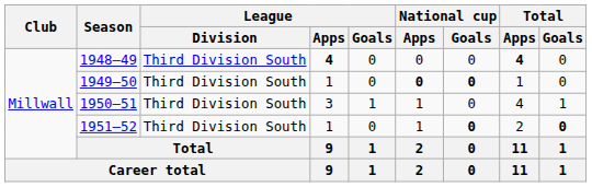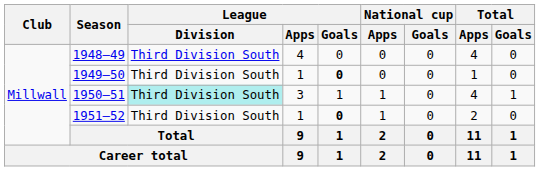 <table class="wikitable" style="text-align:center">
 <tr>
 <th rowspan="2">Club</th>
 <th rowspan="2">Season</th>
 <th colspan="3">League</th>
 <th colspan="2">National cup</th>
 <th colspan="2">Total</th>
 </tr>
 <tr>
 <th>Division</th>
 <th>Apps</th>
 <th>Goals</th>
 <th>Apps</th>
 <th>Goals</th>
 <th>Apps</th>
 <th>Goals</th>
 </tr>
 <tr>
 <td rowspan="5"><a href='#'>Millwall</a></td>
 <td><a href='#'>1948–49</a></td>
 <td><a href='#'>Third Division South</a></td>
-<td><strong>4</strong></td>
+<td>4</td>
 <td>0</td>
 <td>0</td>
 <td>0</td>
-<td><strong>4</strong></td>
+<td>4</td>
 <td>0</td>
 </tr>
 <tr>
 <td><a href='#'>1949–50</a></td>
 <td>Third Division South</td>
 <td>1</td>
+<td><strong>0</strong></td>
 <td>0</td>
-<td><strong>0</strong></td>
-<td><strong>0</strong></td>
+<td>0</td>
 <td>1</td>
 <td>0</td>
 </tr>
 <tr>
 <td><a href='#'>1950–51</a></td>
-<td>Third Division South</td>
+<td style="background: paleturquoise;">Third Division South</td>
 <td>3</td>
 <td>1</td>
 <td>1</td>
 <td>0</td>
 <td>4</td>
 <td>1</td>
 </tr>
 <tr>
 <td><a href='#'>1951–52</a></td>
 <td>Third Division South</td>
 <td>1</td>
+<td><strong>0</strong></td>
+<td>1</td>
 <td>0</td>
-<td>1</td>
-<td><strong>0</strong></td>
 <td>2</td>
-<td><strong>0</strong></td>
+<td>0</td>
 </tr>
 <tr>
 <th colspan="2">Total</th>
 <th>9</th>
 <th>1</th>
 <th>2</th>
 <th>0</th>
 <th>11</th>
 <th>1</th>
 </tr>
 <tr>
 <th colspan="3">Career total</th>
 <th>9</th>
 <th>1</th>
 <th>2</th>
 <th>0</th>
 <th>11</th>
 <th>1</th>
 </tr>
 </table>
